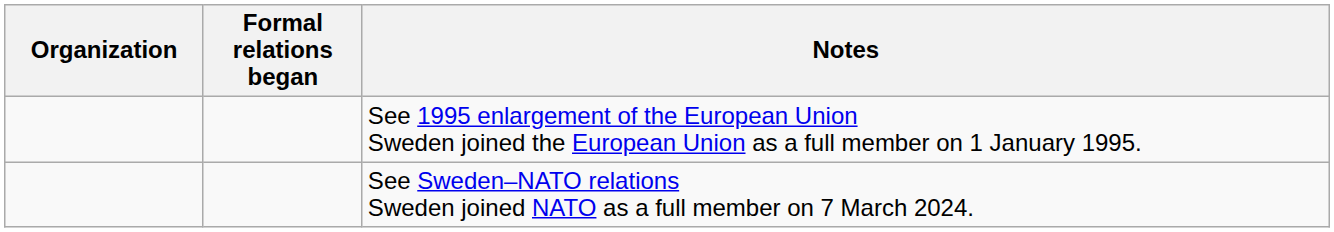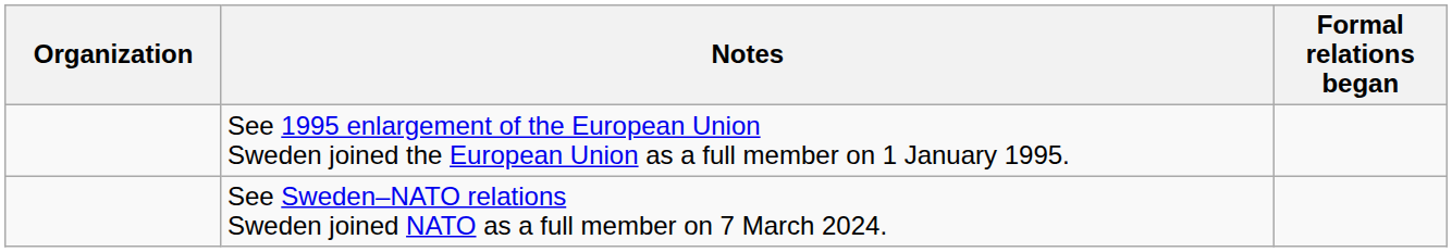 <table class="wikitable sortable" border="1" style="width:100%; margin:auto;">
 <tr>
 <th width="15%">Organization</th>
+<th>Notes</th>
 <th width="12%">Formal relations began</th>
-<th>Notes</th>
 </tr>
 <tr -valign="top">
 <td></td>
+<td>See <a href='#'>1995 enlargement of the European Union</a><br>Sweden joined the <a href='#'>European Union</a> as a full member on 1 January 1995.</td>
 <td></td>
-<td>See <a href='#'>1995 enlargement of the European Union</a><br>Sweden joined the <a href='#'>European Union</a> as a full member on 1 January 1995.</td>
 </tr>
 <tr -valign="top">
 <td></td>
+<td>See <a href='#'>Sweden–NATO relations</a><br>Sweden joined <a href='#'>NATO</a> as a full member on 7 March 2024.</td>
 <td></td>
-<td>See <a href='#'>Sweden–NATO relations</a><br>Sweden joined <a href='#'>NATO</a> as a full member on 7 March 2024.</td>
 </tr>
 </table>
